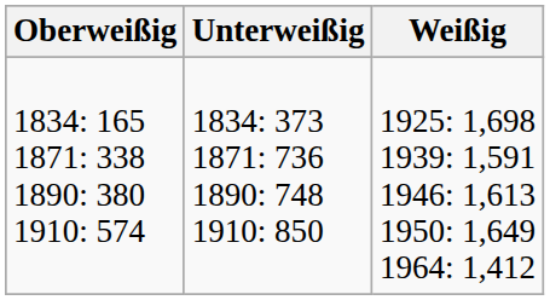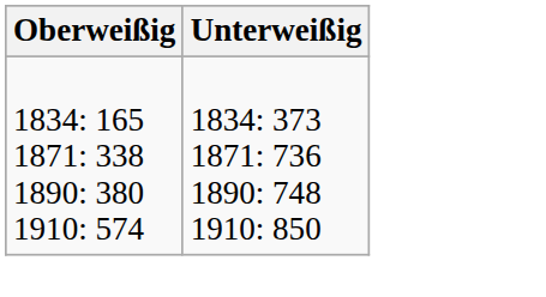 <table class="wikitable">
 <tr>
 <th>Oberweißig</th>
 <th>Unterweißig</th>
-<th>Weißig</th>
 </tr>
 <tr>
 <td valign="top"><br>1834: 165<br> 1871: 338<br> 1890: 380<br> 1910: 574</td>
 <td valign="top"><br>1834: 373<br> 1871: 736<br> 1890: 748<br> 1910: 850</td>
-<td valign="top"><br>1925: 1,698<br> 1939: 1,591<br> 1946: 1,613<br> 1950: 1,649<br> 1964: 1,412</td>
 </tr>
 </table>
